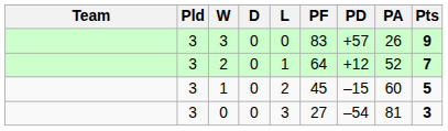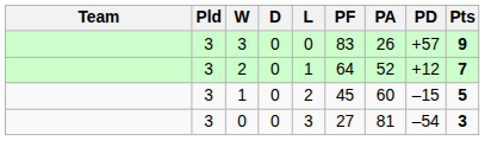 <table class="wikitable" style="text-align:center;">
 <tr>
 <th width=175>Team</th>
 <th width=25 abbr="Played">Pld</th>
 <th width=25 abbr="Won">W</th>
 <th width=25 abbr="Drawn">D</th>
 <th width=25 abbr="Lost">L</th>
 <th width=32 abbr="Points for">PF</th>
+<th width=32 abbr="Points against">PA</th>
 <th width=32 abbr="Points difference">PD</th>
-<th width=32 abbr="Points against">PA</th>
 <th width=25 abbr="Points">Pts</th>
 </tr>
 <tr bgcolor=ccffcc>
 <td align=left></td>
 <td>3</td>
 <td>3</td>
 <td>0</td>
 <td>0</td>
 <td>83</td>
+<td>26</td>
 <td>+57</td>
-<td>26</td>
 <td><strong>9</strong></td>
 </tr>
 <tr bgcolor=ccffcc>
 <td align=left></td>
 <td>3</td>
 <td>2</td>
 <td>0</td>
 <td>1</td>
 <td>64</td>
+<td>52</td>
 <td>+12</td>
-<td>52</td>
 <td><strong>7</strong></td>
 </tr>
 <tr>
 <td align=left></td>
 <td>3</td>
 <td>1</td>
 <td>0</td>
 <td>2</td>
 <td>45</td>
+<td>60</td>
 <td>–15</td>
-<td>60</td>
 <td><strong>5</strong></td>
 </tr>
 <tr>
 <td align=left></td>
 <td>3</td>
 <td>0</td>
 <td>0</td>
 <td>3</td>
 <td>27</td>
+<td>81</td>
 <td>–54</td>
-<td>81</td>
 <td><strong>3</strong></td>
 </tr>
 </table>
